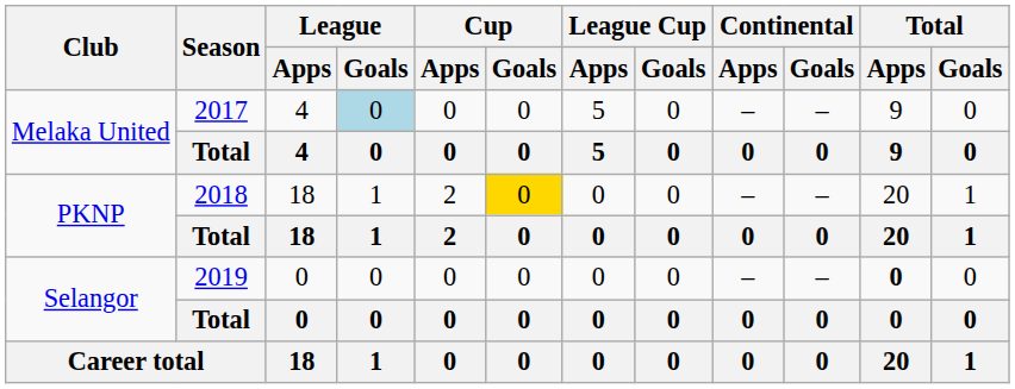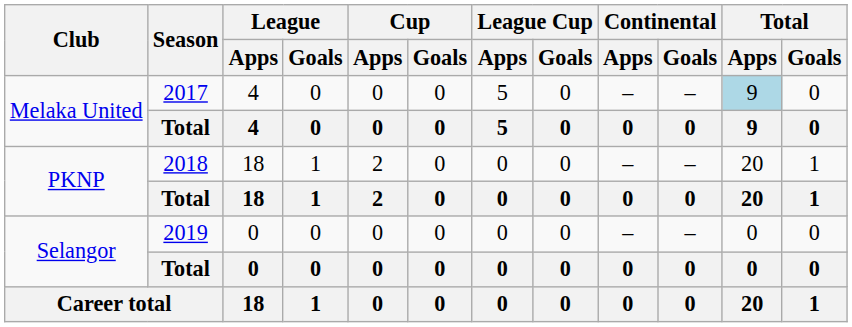 <table class="wikitable" style="text-align: center;">
 <tr>
 <th rowspan="2">Club</th>
 <th rowspan="2">Season</th>
 <th colspan="2">League</th>
 <th colspan="2">Cup</th>
 <th colspan="2">League Cup</th>
 <th colspan="2">Continental</th>
 <th colspan="2">Total</th>
 </tr>
 <tr>
 <th>Apps</th>
 <th>Goals</th>
 <th>Apps</th>
 <th>Goals</th>
 <th>Apps</th>
 <th>Goals</th>
 <th>Apps</th>
 <th>Goals</th>
 <th>Apps</th>
 <th>Goals</th>
 </tr>
 <tr>
 <td rowspan="2" valign="center"><a href='#'>Melaka United</a></td>
 <td><a href='#'>2017</a></td>
 <td>4</td>
-<td style="background: lightblue;">0</td>
+<td>0</td>
 <td>0</td>
 <td>0</td>
 <td>5</td>
 <td>0</td>
 <td>–</td>
 <td>–</td>
-<td>9</td>
+<td style="background: lightblue;">9</td>
 <td>0</td>
 </tr>
 <tr>
 <th>Total</th>
 <th>4</th>
 <th>0</th>
 <th>0</th>
 <th>0</th>
 <th>5</th>
 <th>0</th>
 <th>0</th>
 <th>0</th>
 <th>9</th>
 <th>0</th>
 </tr>
 <tr>
 <td rowspan="2" valign="center"><a href='#'>PKNP</a></td>
 <td><a href='#'>2018</a></td>
 <td>18</td>
 <td>1</td>
 <td>2</td>
-<td style="background: gold;">0</td>
+<td>0</td>
 <td>0</td>
 <td>0</td>
 <td>–</td>
 <td>–</td>
 <td>20</td>
 <td>1</td>
 </tr>
 <tr>
 <th>Total</th>
 <th>18</th>
 <th>1</th>
 <th>2</th>
 <th>0</th>
 <th>0</th>
 <th>0</th>
 <th>0</th>
 <th>0</th>
 <th>20</th>
 <th>1</th>
 </tr>
 <tr>
 <td rowspan="2" valign="center"><a href='#'>Selangor</a></td>
 <td><a href='#'>2019</a></td>
 <td>0</td>
 <td>0</td>
 <td>0</td>
 <td>0</td>
 <td>0</td>
 <td>0</td>
 <td>–</td>
 <td>–</td>
-<td><strong>0</strong></td>
+<td>0</td>
 <td>0</td>
 </tr>
 <tr>
 <th>Total</th>
 <th>0</th>
 <th>0</th>
 <th>0</th>
 <th>0</th>
 <th>0</th>
 <th>0</th>
 <th>0</th>
 <th>0</th>
 <th>0</th>
 <th>0</th>
 </tr>
 <tr>
 <th colspan=2>Career total</th>
 <th>18</th>
 <th>1</th>
 <th>0</th>
 <th>0</th>
 <th>0</th>
 <th>0</th>
 <th>0</th>
 <th>0</th>
 <th>20</th>
 <th>1</th>
 </tr>
 </table>
